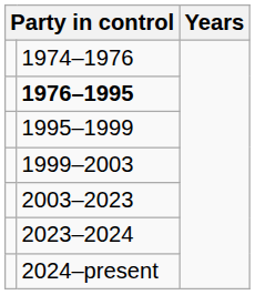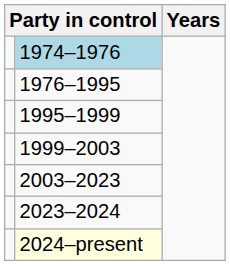 <table class="wikitable">
 <tr>
 <th colspan="2">Party in control</th>
 <th>Years</th>
 </tr>
 <tr>
 <td></td>
-<td>1974–1976</td>
+<td style="background: lightblue;">1974–1976</td>
 </tr>
 <tr>
 <td></td>
-<td><strong>1976–1995</strong></td>
+<td>1976–1995</td>
 </tr>
 <tr>
 <td></td>
 <td>1995–1999</td>
 </tr>
 <tr>
 <td></td>
 <td>1999–2003</td>
 </tr>
 <tr>
 <td></td>
 <td>2003–2023</td>
 </tr>
 <tr>
 <td></td>
 <td>2023–2024</td>
 </tr>
 <tr>
 <td></td>
-<td>2024–present</td>
+<td style="background: lightyellow;">2024–present</td>
 </tr>
 </table>
